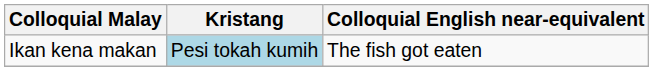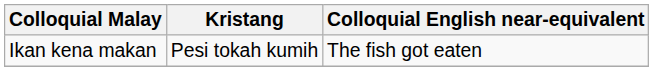 <table class=wikitable>
 <tr>
 <th>Colloquial Malay</th>
 <th>Kristang</th>
 <th>Colloquial English near-equivalent</th>
 </tr>
 <tr>
 <td>Ikan kena makan</td>
-<td style="background: lightblue;">Pesi tokah kumih</td>
+<td>Pesi tokah kumih</td>
 <td>The fish got eaten</td>
 </tr>
 <tr>
 </tr>
 </table>
